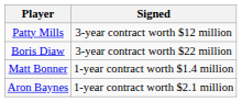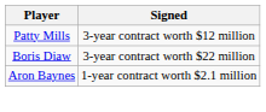 <table class="wikitable sortable sortable">
 <tr>
 <th>Player</th>
 <th>Signed</th>
 </tr>
 <tr style="text-align: center">
 <td><a href='#'>Patty Mills</a></td>
 <td>3-year contract worth $12 million</td>
 </tr>
 <tr style="text-align: center">
 <td><a href='#'>Boris Diaw</a></td>
 <td>3-year contract worth $22 million</td>
 </tr>
 <tr style="text-align: center">
-<td><a href='#'>Matt Bonner</a></td>
-<td>1-year contract worth $1.4 million</td>
-</tr>
-<tr style="text-align: center">
 <td><a href='#'>Aron Baynes</a></td>
 <td>1-year contract worth $2.1 million</td>
 </tr>
 </table>
